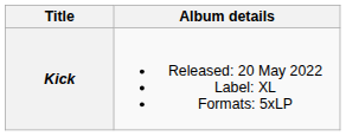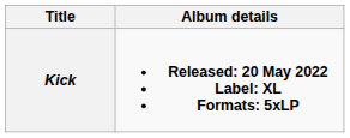 <table class="wikitable plainrowheaders" style="text-align:center;">
 <tr>
 <th scope="col" rowspan="1" style="width:7em;">Title</th>
 <th scope="col" rowspan="1" style="width:15em;">Album details</th>
 </tr>
 <tr>
 <th scope="row"><em>Kick</em></th>
-<td><br><ul><li>Released: 20 May 2022</li><li>Label: XL</li><li>Formats: 5xLP</li></ul></td>
+<td><strong><br><ul><li>Released: 20 May 2022</li><li>Label: XL</li><li>Formats: 5xLP</li></ul></strong></td>
 </tr>
 </table>
